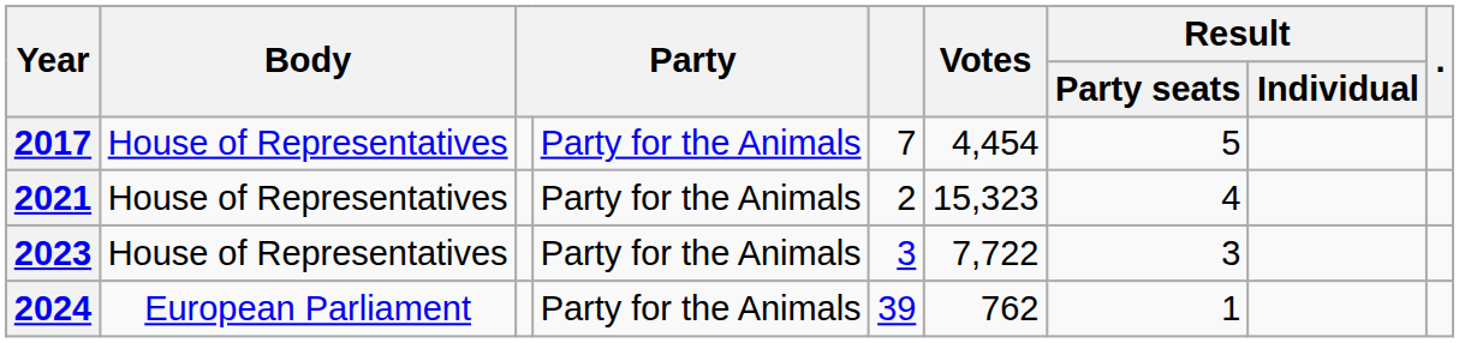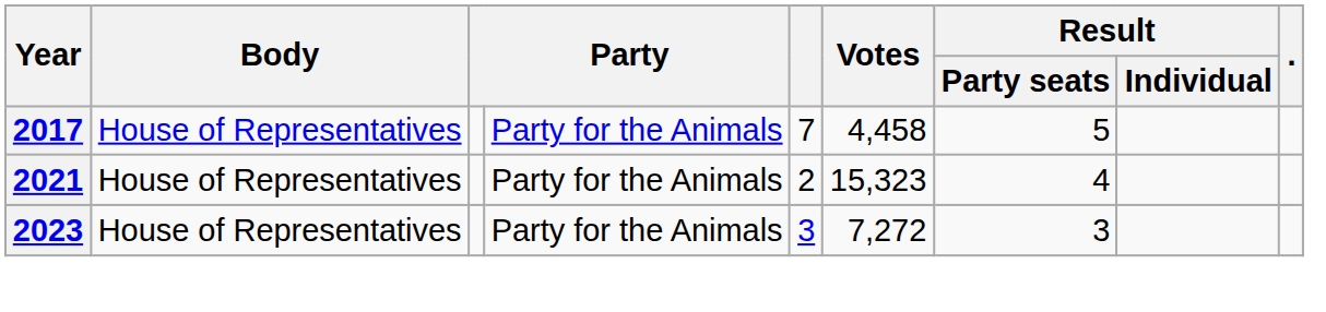 <table class="wikitable plainrowheaders sortable" border=2 cellpadding=4 cellspacing=0 style="border: 1px #aaa solid; font-size: 90%; text-align:center;">
 <tr>
 <th scope="col" rowspan=2>Year</th>
 <th scope="col" rowspan=2>Body</th>
 <th scope="col" colspan=2 rowspan=2>Party</th>
 <th scope="col" rowspan=2></th>
 <th scope="col" rowspan=2>Votes</th>
 <th scope="colgroup" colspan=2>Result</th>
 <th scope="col" rowspan=2 class="unsortable">.</th>
 </tr>
 <tr>
 <th scope="col">Party seats</th>
 <th scope="col">Individual</th>
 </tr>
 <tr>
 <th scope="row"><a href='#'>2017</a></th>
 <td><a href='#'>House of Representatives</a></td>
 <td style="background-color:"></td>
 <td><a href='#'>Party for the Animals</a></td>
 <td style=text-align:right>7</td>
-<td style=text-align:right>4,454</td>
+<td style=text-align:right>4,458</td>
 <td style=text-align:right>5</td>
 <td></td>
 <td></td>
 </tr>
 <tr>
 <th scope="row"><a href='#'>2021</a></th>
 <td>House of Representatives</td>
 <td style="background-color:"></td>
 <td>Party for the Animals</td>
 <td style=text-align:right>2</td>
 <td style=text-align:right>15,323</td>
 <td style=text-align:right>4</td>
 <td></td>
 <td></td>
 </tr>
 <tr>
 <th scope="row"><a href='#'>2023</a></th>
 <td>House of Representatives</td>
 <td style="background-color:"></td>
 <td>Party for the Animals</td>
 <td style=text-align:right><a href='#'>3</a></td>
-<td style=text-align:right>7,722</td>
+<td style=text-align:right>7,272</td>
 <td style=text-align:right>3</td>
 <td></td>
 <td></td>
 </tr>
-<tr>
-<th scope="row"><a href='#'>2024</a></th>
-<td><a href='#'>European Parliament</a></td>
-<td style="background-color:"></td>
-<td>Party for the Animals</td>
-<td style=text-align:right><a href='#'>39</a></td>
-<td style=text-align:right>762</td>
-<td style=text-align:right>1</td>
-<td></td>
-<td></td>
-</tr>
 </table>
